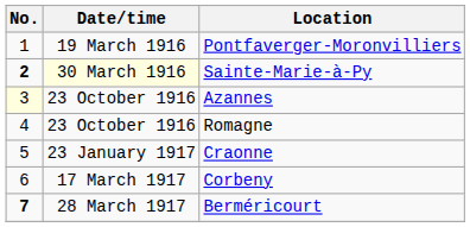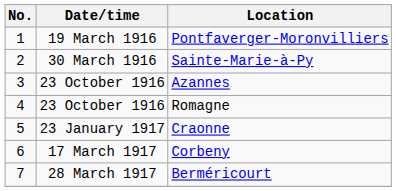 <table class="wikitable" border="1" style="margin: 1em auto 1em auto">
 <tr>
 <th>No.</th>
 <th>Date/time</th>
 <th>Location</th>
 </tr>
 <tr>
 <td align="center">1</td>
 <td align="center">19 March 1916</td>
 <td><a href='#'>Pontfaverger-Moronvilliers</a></td>
 </tr>
 <tr>
-<td align="center"><strong>2</strong></td>
-<td align="center" style="background: lightyellow;">30 March 1916</td>
+<td align="center">2</td>
+<td align="center">30 March 1916</td>
 <td><a href='#'>Sainte-Marie-à-Py</a></td>
 </tr>
 <tr>
-<td align="center" style="background: lightyellow;">3</td>
+<td align="center">3</td>
 <td align="center">23 October 1916</td>
 <td><a href='#'>Azannes</a></td>
 </tr>
 <tr>
 <td align="center">4</td>
 <td align="center">23 October 1916</td>
 <td>Romagne</td>
 </tr>
 <tr>
 <td align="center">5</td>
 <td align="center">23 January 1917</td>
 <td><a href='#'>Craonne</a></td>
 </tr>
 <tr>
 <td align="center">6</td>
 <td align="center">17 March 1917</td>
 <td><a href='#'>Corbeny</a></td>
 </tr>
 <tr>
-<td align="center"><strong>7</strong></td>
+<td align="center">7</td>
 <td align="center">28 March 1917</td>
 <td><a href='#'>Berméricourt</a></td>
 </tr>
 <tr>
 </tr>
 </table>
